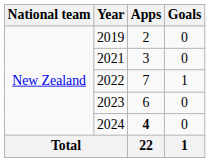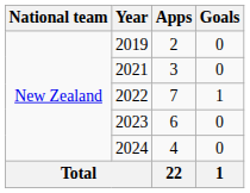 <table class="wikitable" style="text-align:center">
 <tr>
 <th>National team</th>
 <th>Year</th>
 <th>Apps</th>
 <th>Goals</th>
 </tr>
 <tr>
 <td rowspan="5"><a href='#'>New Zealand</a></td>
 <td>2019</td>
 <td>2</td>
 <td>0</td>
 </tr>
 <tr>
 <td>2021</td>
 <td>3</td>
 <td>0</td>
 </tr>
 <tr>
 <td>2022</td>
 <td>7</td>
 <td>1</td>
 </tr>
 <tr>
 <td>2023</td>
 <td>6</td>
 <td>0</td>
 </tr>
 <tr>
 <td>2024</td>
-<td><strong>4</strong></td>
+<td>4</td>
 <td>0</td>
 </tr>
 <tr>
 <th colspan="2">Total</th>
 <th>22</th>
 <th>1</th>
 </tr>
 </table>
